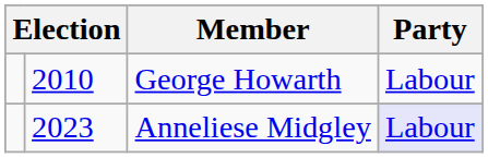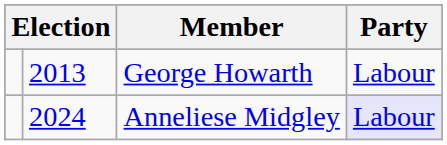 <table class="wikitable">
 <tr>
 <th colspan="2">Election</th>
 <th>Member</th>
 <th>Party</th>
 </tr>
 <tr>
 <td style="color:inherit;background: "></td>
-<td><a href='#'>2010</a></td>
+<td><a href='#'>2013</a></td>
 <td><a href='#'>George Howarth</a></td>
 <td><a href='#'>Labour</a></td>
 </tr>
 <tr>
 <td style="color:inherit;background: "></td>
-<td><a href='#'>2023</a></td>
+<td><a href='#'>2024</a></td>
 <td><a href='#'>Anneliese Midgley</a></td>
 <td style="background: lavender;"><a href='#'>Labour</a></td>
 </tr>
 </table>
